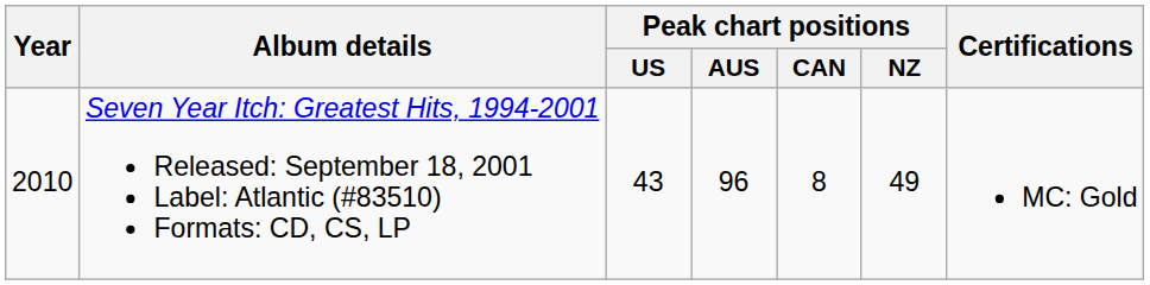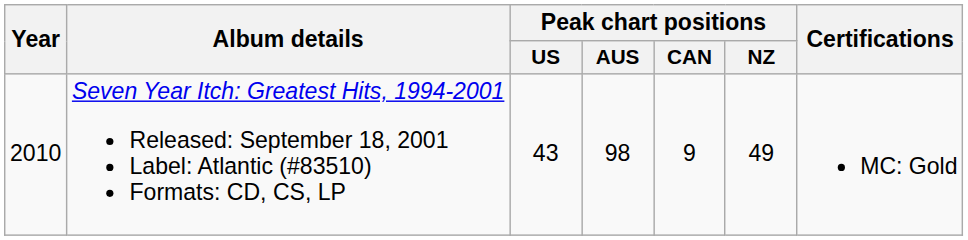 <table class="wikitable">
 <tr>
 <th rowspan="2">Year</th>
 <th rowspan="2">Album details</th>
 <th colspan="4">Peak chart positions</th>
 <th rowspan="2">Certifications</th>
 </tr>
 <tr>
 <th style="width:3em;font-size:90%">US<br></th>
 <th style="width:3em;font-size:90%">AUS<br></th>
 <th style="width:3em;font-size:90%">CAN<br></th>
 <th style="width:3em;font-size:90%">NZ<br></th>
 </tr>
 <tr>
 <td>2010</td>
 <td align="left"><em><a href='#'>Seven Year Itch: Greatest Hits, 1994-2001</a></em><br><ul><li>Released: September 18, 2001</li><li>Label: Atlantic (#83510)</li><li>Formats: CD, CS, LP</li></ul></td>
 <td align="center">43</td>
-<td align="center">96</td>
-<td align="center">8</td>
+<td align="center">98</td>
+<td align="center">9</td>
 <td align="center">49</td>
 <td><br><ul><li>MC: Gold</li></ul></td>
 </tr>
 </table>
